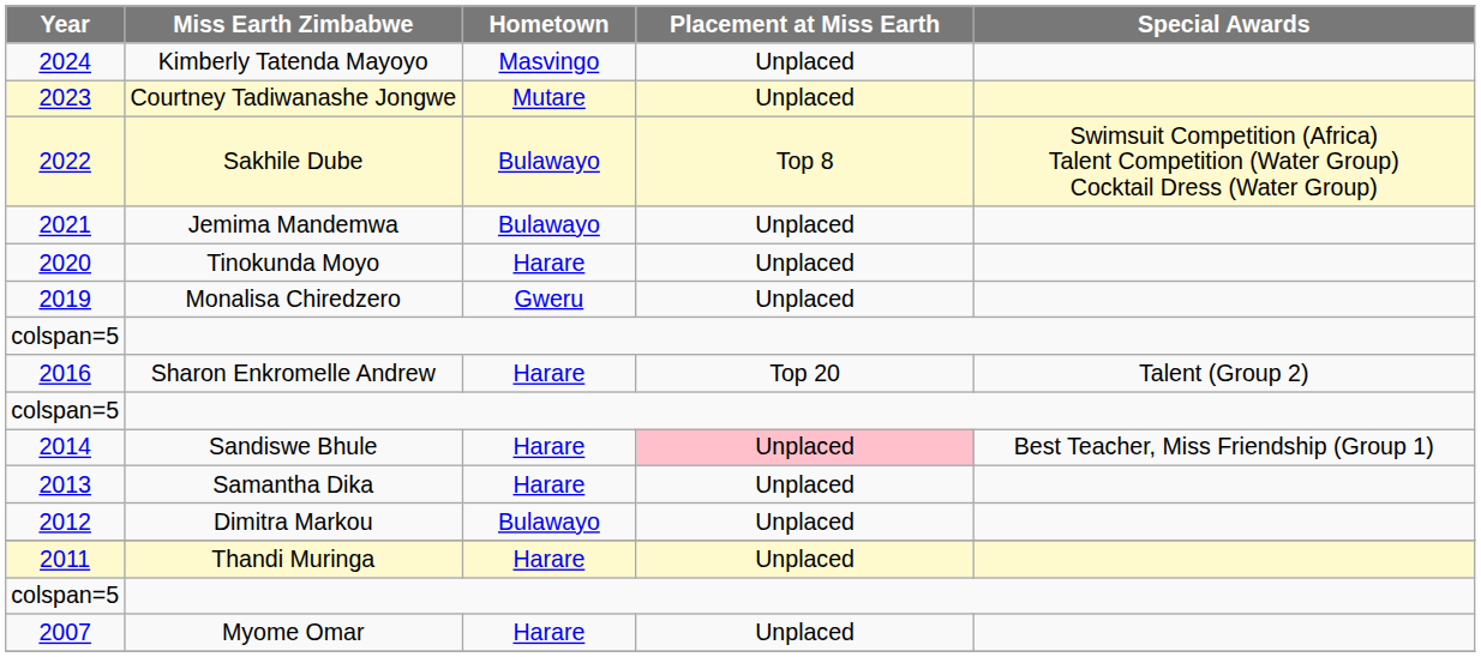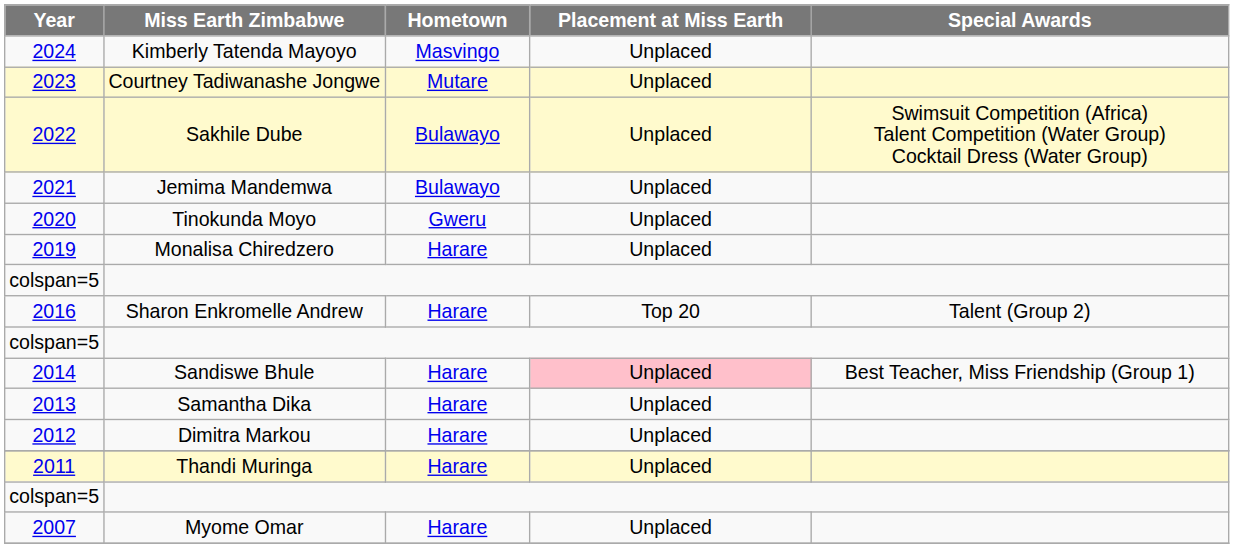 <table class="wikitable sortable" style="font-size: 90%; text-align:center">
 <tr>
 <th width="30" style="background-color:#787878;color:#FFFFFF;">Year</th>
 <th width="200" style="background-color:#787878;color:#FFFFFF;">Miss Earth Zimbabwe</th>
 <th width="100" style="background-color:#787878;color:#FFFFFF;">Hometown</th>
 <th width="200" style="background-color:#787878;color:#FFFFFF;">Placement at Miss Earth</th>
 <th width="300" style="background-color:#787878;color:#FFFFFF;">Special Awards</th>
 </tr>
 <tr>
 <td><a href='#'>2024</a></td>
 <td>Kimberly Tatenda Mayoyo</td>
 <td><a href='#'>Masvingo</a></td>
 <td>Unplaced</td>
 <td></td>
 </tr>
 <tr style="background-color:#FFFACD;">
 <td><a href='#'>2023</a></td>
 <td>Courtney Tadiwanashe Jongwe</td>
 <td><a href='#'>Mutare</a></td>
 <td>Unplaced</td>
 <td></td>
 </tr>
 <tr style="background-color:#FFFACD;">
 <td><a href='#'>2022</a></td>
 <td>Sakhile Dube</td>
 <td><a href='#'>Bulawayo</a></td>
-<td>Top 8</td>
+<td>Unplaced</td>
 <td> Swimsuit Competition (Africa) <br>  Talent Competition (Water Group) <br> Cocktail Dress (Water Group)</td>
 </tr>
 <tr>
 <td><a href='#'>2021</a></td>
 <td>Jemima Mandemwa</td>
 <td><a href='#'>Bulawayo</a></td>
 <td>Unplaced</td>
 <td></td>
 </tr>
 <tr>
 <td><a href='#'>2020</a></td>
 <td>Tinokunda Moyo</td>
-<td><a href='#'>Harare</a></td>
+<td><a href='#'>Gweru</a></td>
 <td>Unplaced</td>
 <td></td>
 </tr>
 <tr>
 <td><a href='#'>2019</a></td>
 <td>Monalisa Chiredzero</td>
-<td><a href='#'>Gweru</a></td>
+<td><a href='#'>Harare</a></td>
 <td>Unplaced</td>
 <td></td>
 </tr>
 <tr>
 <td>colspan=5 </td>
 </tr>
 <tr>
 <td><a href='#'>2016</a></td>
 <td>Sharon Enkromelle Andrew</td>
 <td><a href='#'>Harare</a></td>
 <td>Top 20</td>
 <td> Talent (Group 2)</td>
 </tr>
 <tr>
 <td>colspan=5 </td>
 </tr>
 <tr>
 <td><a href='#'>2014</a></td>
 <td>Sandiswe Bhule</td>
 <td><a href='#'>Harare</a></td>
 <td style="background: pink;">Unplaced</td>
 <td> Best Teacher,  Miss Friendship (Group 1)</td>
 </tr>
 <tr>
 <td><a href='#'>2013</a></td>
 <td>Samantha Dika</td>
 <td><a href='#'>Harare</a></td>
 <td>Unplaced</td>
 <td></td>
 </tr>
 <tr>
 <td><a href='#'>2012</a></td>
 <td>Dimitra Markou</td>
-<td><a href='#'>Bulawayo</a></td>
+<td><a href='#'>Harare</a></td>
 <td>Unplaced</td>
 <td></td>
 </tr>
 <tr>
 </tr>
 <tr style="background-color:#FFFACD;">
 <td><a href='#'>2011</a></td>
 <td>Thandi Muringa</td>
 <td><a href='#'>Harare</a></td>
 <td>Unplaced</td>
 <td></td>
 </tr>
 <tr>
 <td>colspan=5 </td>
 </tr>
 <tr>
 <td><a href='#'>2007</a></td>
 <td>Myome Omar</td>
 <td><a href='#'>Harare</a></td>
 <td>Unplaced</td>
 <td></td>
 </tr>
 <tr>
 </tr>
 </table>
